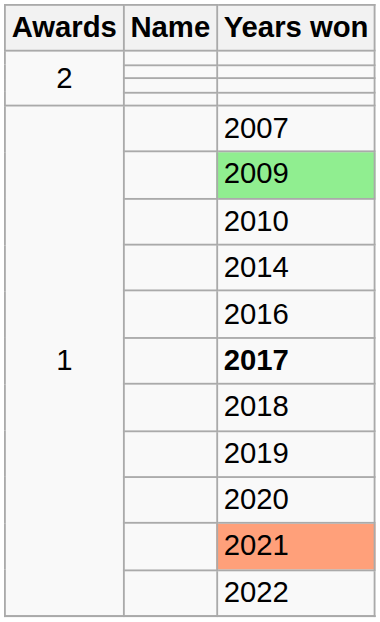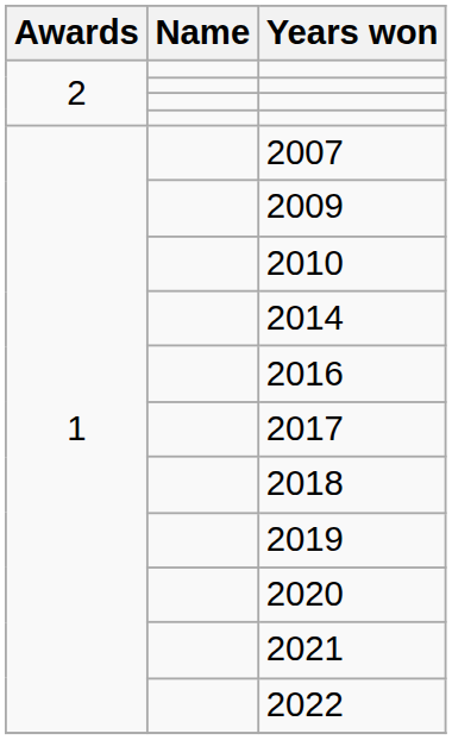 <table class="wikitable style="font-size:100%; text-align: left; width:70%">
 <tr>
 <th>Awards</th>
 <th>Name</th>
 <th>Years won</th>
 </tr>
 <tr>
 <td align=center rowspan=4>2</td>
 <td></td>
 <td></td>
 </tr>
 <tr>
 <td></td>
 <td></td>
 </tr>
 <tr>
 <td></td>
 <td></td>
 </tr>
 <tr>
 <td></td>
 <td></td>
 </tr>
 <tr>
 <td align=center rowspan=11>1</td>
 <td></td>
 <td>2007</td>
 </tr>
 <tr>
 <td></td>
-<td style="background: lightgreen;">2009</td>
+<td>2009</td>
 </tr>
 <tr>
 <td></td>
 <td>2010</td>
 </tr>
 <tr>
 <td></td>
 <td>2014</td>
 </tr>
 <tr>
 <td></td>
 <td>2016</td>
 </tr>
 <tr>
 <td></td>
-<td><strong>2017</strong></td>
+<td>2017</td>
 </tr>
 <tr>
 <td></td>
 <td>2018</td>
 </tr>
 <tr>
 <td></td>
 <td>2019</td>
 </tr>
 <tr>
 <td></td>
 <td>2020</td>
 </tr>
 <tr>
 <td></td>
-<td style="background: lightsalmon;">2021</td>
+<td>2021</td>
 </tr>
 <tr>
 <td></td>
 <td>2022</td>
 </tr>
 <tr>
 </tr>
 </table>
